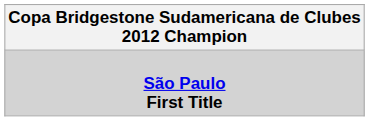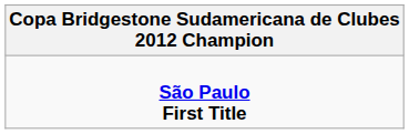 <table class="wikitable" style="text-align: center; margin: 0 auto;">
 <tr>
 <th>Copa Bridgestone Sudamericana de Clubes<br>2012 Champion</th>
 </tr>
 <tr>
-<td style="background: lightgrey;"><br><strong><a href='#'>São Paulo</a></strong><br><strong>First Title</strong></td>
+<td><br><strong><a href='#'>São Paulo</a></strong><br><strong>First Title</strong></td>
 </tr>
 </table>
